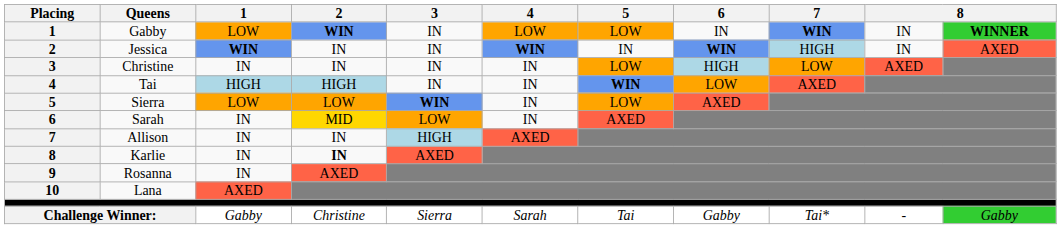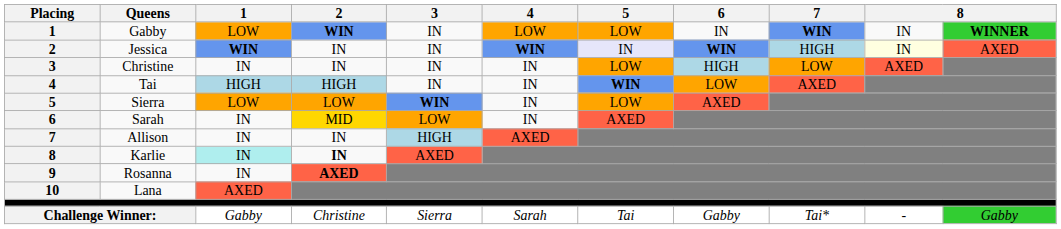 <table class="wikitable" style="text-align:center; font-size:100%; line-height:13px;">
 <tr>
 <th rowspan="1" style="width: 6%;">Placing</th>
 <th rowspan="1" style="width: 6%;">Queens</th>
 <th rowspan="1" style="width: 6%;">1</th>
 <th rowspan="1" style="width: 6%;">2</th>
 <th rowspan="1" style="width: 6%;">3</th>
 <th rowspan="1" style="width: 6%;">4</th>
 <th rowspan="1" style="width: 6%;">5</th>
 <th rowspan="1" style="width: 6%;">6</th>
 <th rowspan="1" style="width: 6%;">7</th>
 <th rowspan="1" style="width: 12%;" colspan=2>8</th>
 </tr>
 <tr>
 <th>1</th>
 <td>Gabby</td>
 <td bgcolor="orange">LOW</td>
 <td bgcolor="cornflowerblue"><strong>WIN</strong></td>
 <td>IN</td>
 <td bgcolor="orange">LOW</td>
 <td bgcolor="orange">LOW</td>
 <td>IN</td>
 <td bgcolor="cornflowerblue"><strong>WIN</strong></td>
 <td>IN</td>
 <td bgcolor="limegreen"><strong>WINNER</strong></td>
 </tr>
 <tr>
 <th>2</th>
 <td>Jessica</td>
 <td bgcolor="cornflowerblue"><strong>WIN</strong></td>
 <td>IN</td>
 <td>IN</td>
 <td bgcolor="cornflowerblue"><strong>WIN</strong></td>
-<td>IN</td>
+<td style="background: lavender;">IN</td>
 <td bgcolor="cornflowerblue"><strong>WIN</strong></td>
 <td bgcolor="lightblue">HIGH</td>
-<td>IN</td>
+<td style="background: lightyellow;">IN</td>
 <td bgcolor="tomato">AXED</td>
 </tr>
 <tr>
 <th>3</th>
 <td>Christine</td>
 <td>IN</td>
 <td>IN</td>
 <td>IN</td>
 <td>IN</td>
 <td bgcolor="orange">LOW</td>
 <td bgcolor="lightblue">HIGH</td>
 <td bgcolor="orange">LOW</td>
 <td bgcolor="tomato">AXED</td>
 <td bgcolor="gray" colspan=1></td>
 </tr>
 <tr>
 <th>4</th>
 <td>Tai</td>
 <td bgcolor="lightblue">HIGH</td>
 <td bgcolor="lightblue">HIGH</td>
 <td>IN</td>
 <td>IN</td>
 <td bgcolor="cornflowerblue"><strong>WIN</strong></td>
 <td bgcolor="orange">LOW</td>
 <td bgcolor="tomato">AXED</td>
 <td bgcolor="gray" colspan=2></td>
 </tr>
 <tr>
 <th>5</th>
 <td>Sierra</td>
 <td bgcolor="orange">LOW</td>
 <td bgcolor="orange">LOW</td>
 <td bgcolor="cornflowerblue"><strong>WIN</strong></td>
 <td>IN</td>
 <td bgcolor="orange">LOW</td>
 <td bgcolor="tomato">AXED</td>
 <td bgcolor="gray" colspan=3></td>
 </tr>
 <tr>
 <th>6</th>
 <td>Sarah</td>
 <td>IN</td>
 <td bgcolor="gold">MID</td>
 <td bgcolor="orange">LOW</td>
 <td>IN</td>
 <td bgcolor="tomato">AXED</td>
 <td bgcolor="gray" colspan=4></td>
 </tr>
 <tr>
 <th>7</th>
 <td>Allison</td>
 <td>IN</td>
 <td>IN</td>
 <td bgcolor="lightblue">HIGH</td>
 <td bgcolor="tomato">AXED</td>
 <td bgcolor="gray" colspan=5></td>
 </tr>
 <tr>
 <th>8</th>
 <td>Karlie</td>
-<td>IN</td>
+<td style="background: paleturquoise;">IN</td>
 <td><strong>IN</strong></td>
 <td bgcolor="tomato">AXED</td>
 <td bgcolor="gray" colspan=6></td>
 </tr>
 <tr>
 <th>9</th>
 <td>Rosanna</td>
 <td>IN</td>
-<td bgcolor="tomato">AXED</td>
+<td bgcolor="tomato"><strong>AXED</strong></td>
 <td bgcolor="gray" colspan=7></td>
 </tr>
 <tr>
 <th>10</th>
 <td>Lana</td>
 <td bgcolor="tomato">AXED</td>
 <td bgcolor="gray" colspan=8></td>
 </tr>
 <tr>
 <td colspan=11 bgcolor="black"></td>
 </tr>
 <tr>
 <th colspan=2>Challenge Winner:</th>
 <td bgcolor="white"><em>Gabby</em></td>
 <td bgcolor="white"><em>Christine</em></td>
 <td bgcolor="white"><em>Sierra</em></td>
 <td bgcolor="white"><em>Sarah</em></td>
 <td bgcolor="white"><em>Tai</em></td>
 <td bgcolor="white"><em>Gabby</em></td>
 <td bgcolor="white"><em>Tai*</em></td>
 <td bgcolor="white"><em>-</em></td>
 <td bgcolor="limegreen"><em>Gabby</em></td>
 </tr>
 </table>
